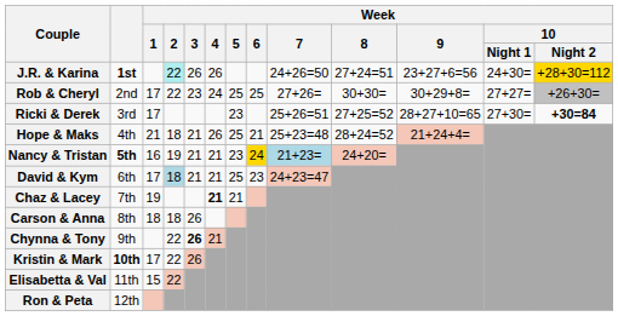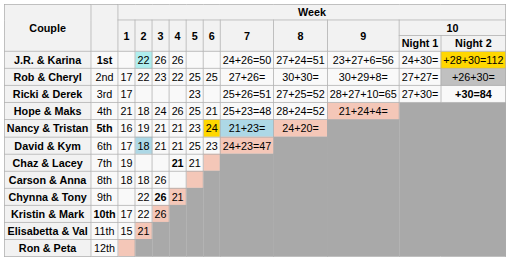 <table class="wikitable sortable" style="text-align:center; font-size:95%">
 <tr>
 <th scope="col" rowspan="3" style="text-align:center; line-height:15px;">Couple</th>
 <th scope="col" rowspan="3" style="text-align:center; line-height:15px;"></th>
 <th colspan="11" style="text-align:center; line-height:15px; ">Week</th>
 </tr>
 <tr>
 <th scope="col" rowspan=2 style="line-height:15px;">1</th>
 <th scope="col" rowspan=2 style="line-height:15px;">2</th>
 <th scope="col" rowspan=2 style="line-height:15px;">3</th>
 <th scope="col" rowspan=2 style="line-height:15px;">4</th>
 <th scope="col" rowspan=2 style="line-height:15px;">5</th>
 <th scope="col" rowspan=2 style="line-height:15px;">6</th>
 <th scope="col" rowspan=2 style="line-height:15px;">7</th>
 <th scope="col" rowspan=2 style="line-height:15px;">8</th>
 <th scope="col" rowspan=2 style="line-height:15px;">9</th>
 <th scope="col" colspan=2 style="line-height:15px;">10</th>
 </tr>
 <tr>
 <th style="line-height:15px;">Night 1</th>
 <th style="line-height:15px;">Night 2</th>
 </tr>
 <tr>
 <th scope="row">J.R. & Karina</th>
 <td><strong>1st</strong></td>
 <td></td>
 <td style="background: paleturquoise;">22</td>
 <td>26</td>
 <td>26</td>
 <td></td>
 <td></td>
 <td>24+26=50</td>
 <td>27+24=51</td>
 <td>23+27+6=56</td>
 <td>24+30=</td>
 <td bgcolor=gold >+28+30=112</td>
 </tr>
 <tr>
 <th scope="row">Rob & Cheryl</th>
 <td>2nd</td>
 <td>17</td>
 <td>22</td>
 <td>23</td>
-<td>24</td>
+<td>22</td>
 <td>25</td>
 <td>25</td>
 <td>27+26=</td>
 <td>30+30=</td>
 <td>30+29+8=</td>
 <td>27+27=</td>
 <td bgcolor=silver >+26+30=</td>
 </tr>
 <tr>
 <th scope="row">Ricki & Derek</th>
 <td>3rd</td>
 <td>17</td>
 <td></td>
 <td></td>
 <td></td>
 <td>23</td>
 <td></td>
 <td>25+26=51</td>
 <td>27+25=52</td>
 <td>28+27+10=65</td>
 <td>27+30=</td>
 <td><strong>+30=84</strong></td>
 </tr>
 <tr>
 <th scope="row">Hope & Maks</th>
 <td>4th</td>
 <td>21</td>
 <td>18</td>
-<td>21</td>
+<td>24</td>
 <td>26</td>
 <td>25</td>
 <td>21</td>
 <td>25+23=48</td>
 <td>28+24=52</td>
 <td bgcolor=f4c7b8 >21+24+4=</td>
 <td colspan="2" rowspan="9" style="background:darkgrey;"></td>
 </tr>
 <tr>
 <th scope="row">Nancy & Tristan</th>
 <td><strong>5th</strong></td>
 <td>16</td>
 <td>19</td>
 <td>21</td>
 <td>21</td>
 <td>23</td>
 <td style="background: gold;">24</td>
 <td bgcolor=lightblue >21+23=</td>
 <td bgcolor=f4c7b8 >24+20=</td>
 <td rowspan="8" style="background:darkgrey;"></td>
 </tr>
 <tr>
 <th scope="row">David & Kym</th>
 <td>6th</td>
 <td>17</td>
 <td bgcolor=lightblue>18</td>
 <td>21</td>
 <td>21</td>
 <td>25</td>
 <td>23</td>
 <td bgcolor=f4c7b8 >24+23=47</td>
 <td rowspan="7" style="background:darkgrey;"></td>
 </tr>
 <tr>
 <th scope="row">Chaz & Lacey</th>
 <td>7th</td>
 <td>19</td>
 <td></td>
 <td></td>
 <td><strong>21</strong></td>
 <td>21</td>
 <td bgcolor=f4c7b8></td>
 <td rowspan="6" style="background:darkgrey;"></td>
 </tr>
 <tr>
 <th scope="row">Carson & Anna</th>
 <td>8th</td>
 <td>18</td>
 <td>18</td>
 <td>26</td>
 <td></td>
 <td bgcolor=f4c7b8></td>
 <td rowspan="5" style="background:darkgrey;"></td>
 </tr>
 <tr>
 <th scope="row">Chynna & Tony</th>
 <td>9th</td>
 <td></td>
 <td>22</td>
 <td><strong>26</strong></td>
 <td bgcolor=f4c7b8>21</td>
 <td rowspan="4" style="background:darkgrey;"></td>
 </tr>
 <tr>
 <th scope="row">Kristin & Mark</th>
 <td><strong>10th</strong></td>
 <td>17</td>
 <td>22</td>
 <td bgcolor=f4c7b8>26</td>
 <td rowspan="3" style="background:darkgrey;"></td>
 </tr>
 <tr>
 <th scope="row">Elisabetta & Val</th>
 <td>11th</td>
 <td>15</td>
-<td bgcolor=f4c7b8>22</td>
+<td bgcolor=f4c7b8>21</td>
 <td rowspan="2" style="background:darkgrey;"></td>
 </tr>
 <tr>
 <th scope="row">Ron & Peta</th>
 <td>12th</td>
 <td bgcolor=f4c7b8></td>
 <td style="background:darkgrey;"></td>
 </tr>
 </table>
